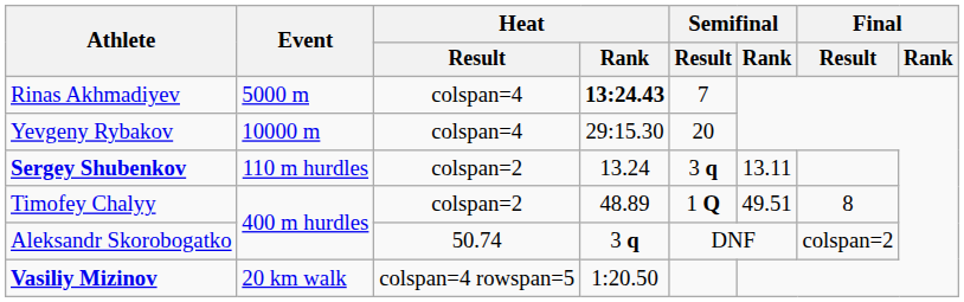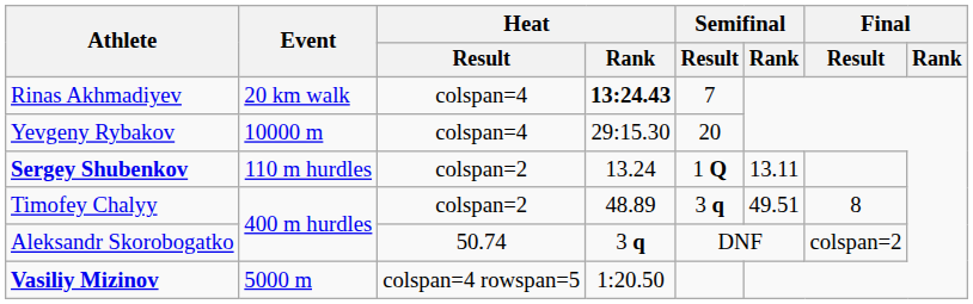 <table class="wikitable" style="font-size:90%">
 <tr>
 <th rowspan=2>Athlete</th>
 <th rowspan=2>Event</th>
 <th colspan=2>Heat</th>
 <th colspan=2>Semifinal</th>
 <th colspan=2>Final</th>
 </tr>
 <tr style="font-size:95%">
 <th>Result</th>
 <th>Rank</th>
 <th>Result</th>
 <th>Rank</th>
 <th>Result</th>
 <th>Rank</th>
 </tr>
 <tr align=center>
 <td align=left><a href='#'>Rinas Akhmadiyev</a></td>
-<td align=left><a href='#'>5000 m</a></td>
+<td align=left><a href='#'>20 km walk</a></td>
 <td>colspan=4 </td>
 <td><strong>13:24.43</strong></td>
 <td>7</td>
 </tr>
 <tr align=center>
 <td align=left><a href='#'>Yevgeny Rybakov</a></td>
 <td align=left><a href='#'>10000 m</a></td>
 <td>colspan=4 </td>
 <td>29:15.30</td>
 <td>20</td>
 </tr>
 <tr align=center>
 <td align=left><strong><a href='#'>Sergey Shubenkov</a></strong></td>
 <td><a href='#'>110 m hurdles</a></td>
 <td>colspan=2 </td>
 <td>13.24</td>
-<td>3 <strong>q</strong></td>
+<td>1 <strong>Q</strong></td>
 <td>13.11</td>
 <td></td>
 </tr>
 <tr align=center>
 <td align=left><a href='#'>Timofey Chalyy</a></td>
 <td rowspan=2><a href='#'>400 m hurdles</a></td>
 <td>colspan=2 </td>
 <td>48.89</td>
-<td>1 <strong>Q</strong></td>
+<td>3 <strong>q</strong></td>
 <td>49.51</td>
 <td>8</td>
 </tr>
 <tr align=center>
 <td align=left><a href='#'>Aleksandr Skorobogatko</a></td>
 <td>50.74</td>
 <td>3 <strong>q</strong></td>
 <td colspan=2>DNF</td>
 <td>colspan=2 </td>
 </tr>
 <tr align=center>
 <td align=left><strong><a href='#'>Vasiliy Mizinov</a></strong></td>
-<td align=left><a href='#'>20 km walk</a></td>
+<td align=left><a href='#'>5000 m</a></td>
 <td>colspan=4 rowspan=5 </td>
 <td>1:20.50</td>
 <td></td>
 </tr>
 </table>
